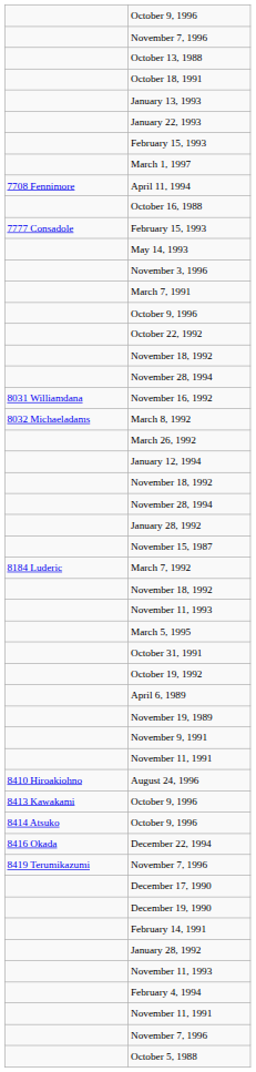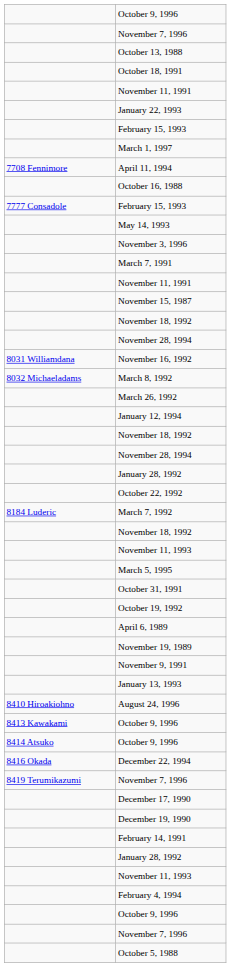 <table class="wikitable" style="font-size: 89%; float: left; width: 24em; margin-right: 1em; line-height: 1.6em !important;  height: 1250px;">
 <tr>
 <td></td>
 <td>October 9, 1996</td>
 </tr>
 <tr>
 <td></td>
 <td>November 7, 1996</td>
 </tr>
 <tr>
 <td></td>
 <td>October 13, 1988</td>
 </tr>
 <tr>
 <td></td>
 <td>October 18, 1991</td>
 </tr>
 <tr>
 <td></td>
-<td>January 13, 1993</td>
+<td>November 11, 1991</td>
 </tr>
 <tr>
 <td></td>
 <td>January 22, 1993</td>
 </tr>
 <tr>
 <td></td>
 <td>February 15, 1993</td>
 </tr>
 <tr>
 <td></td>
 <td>March 1, 1997</td>
 </tr>
 <tr>
 <td><a href='#'>7708 Fennimore</a></td>
 <td>April 11, 1994</td>
 </tr>
 <tr>
 <td></td>
 <td>October 16, 1988</td>
 </tr>
 <tr>
 <td><a href='#'>7777 Consadole</a></td>
 <td>February 15, 1993</td>
 </tr>
 <tr>
 <td></td>
 <td>May 14, 1993</td>
 </tr>
 <tr>
 <td></td>
 <td>November 3, 1996</td>
 </tr>
 <tr>
 <td></td>
 <td>March 7, 1991</td>
 </tr>
 <tr>
 <td></td>
-<td>October 9, 1996</td>
+<td>November 11, 1991</td>
 </tr>
 <tr>
 <td></td>
-<td>October 22, 1992</td>
+<td>November 15, 1987</td>
 </tr>
 <tr>
 <td></td>
 <td>November 18, 1992</td>
 </tr>
 <tr>
 <td></td>
 <td>November 28, 1994</td>
 </tr>
 <tr>
 <td><a href='#'>8031 Williamdana</a></td>
 <td>November 16, 1992</td>
 </tr>
 <tr>
 <td><a href='#'>8032 Michaeladams</a></td>
 <td>March 8, 1992</td>
 </tr>
 <tr>
 <td></td>
 <td>March 26, 1992</td>
 </tr>
 <tr>
 <td></td>
 <td>January 12, 1994</td>
 </tr>
 <tr>
 <td></td>
 <td>November 18, 1992</td>
 </tr>
 <tr>
 <td></td>
 <td>November 28, 1994</td>
 </tr>
 <tr>
 <td></td>
 <td>January 28, 1992</td>
 </tr>
 <tr>
 <td></td>
-<td>November 15, 1987</td>
+<td>October 22, 1992</td>
 </tr>
 <tr>
 <td><a href='#'>8184 Luderic</a></td>
 <td>March 7, 1992</td>
 </tr>
 <tr>
 <td></td>
 <td>November 18, 1992</td>
 </tr>
 <tr>
 <td></td>
 <td>November 11, 1993</td>
 </tr>
 <tr>
 <td></td>
 <td>March 5, 1995</td>
 </tr>
 <tr>
 <td></td>
 <td>October 31, 1991</td>
 </tr>
 <tr>
 <td></td>
 <td>October 19, 1992</td>
 </tr>
 <tr>
 <td></td>
 <td>April 6, 1989</td>
 </tr>
 <tr>
 <td></td>
 <td>November 19, 1989</td>
 </tr>
 <tr>
 <td></td>
 <td>November 9, 1991</td>
 </tr>
 <tr>
 <td></td>
-<td>November 11, 1991</td>
+<td>January 13, 1993</td>
 </tr>
 <tr>
 <td><a href='#'>8410 Hiroakiohno</a></td>
 <td>August 24, 1996</td>
 </tr>
 <tr>
 <td><a href='#'>8413 Kawakami</a></td>
 <td>October 9, 1996</td>
 </tr>
 <tr>
 <td><a href='#'>8414 Atsuko</a></td>
 <td>October 9, 1996</td>
 </tr>
 <tr>
 <td><a href='#'>8416 Okada</a></td>
 <td>December 22, 1994</td>
 </tr>
 <tr>
 <td><a href='#'>8419 Terumikazumi</a></td>
 <td>November 7, 1996</td>
 </tr>
 <tr>
 <td></td>
 <td>December 17, 1990</td>
 </tr>
 <tr>
 <td></td>
 <td>December 19, 1990</td>
 </tr>
 <tr>
 <td></td>
 <td>February 14, 1991</td>
 </tr>
 <tr>
 <td></td>
 <td>January 28, 1992</td>
 </tr>
 <tr>
 <td></td>
 <td>November 11, 1993</td>
 </tr>
 <tr>
 <td></td>
 <td>February 4, 1994</td>
 </tr>
 <tr>
 <td></td>
-<td>November 11, 1991</td>
+<td>October 9, 1996</td>
 </tr>
 <tr>
 <td></td>
 <td>November 7, 1996</td>
 </tr>
 <tr>
 <td></td>
 <td>October 5, 1988</td>
 </tr>
 </table>
